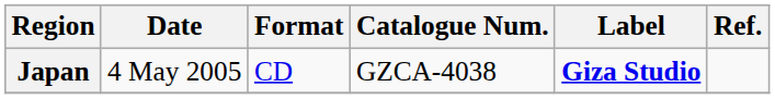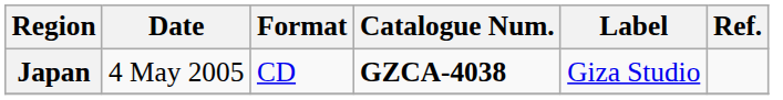 <table class="wikitable sortable plainrowheaders">
 <tr>
 <th scope="col">Region</th>
 <th scope="col">Date</th>
 <th scope="col">Format</th>
 <th scope="col">Catalogue Num.</th>
 <th scope="col">Label</th>
 <th scope="col">Ref.</th>
 </tr>
 <tr>
 <th scope="row">Japan</th>
 <td>4 May 2005</td>
 <td><a href='#'>CD</a></td>
-<td>GZCA-4038</td>
-<td><strong><a href='#'>Giza Studio</a></strong></td>
+<td><strong>GZCA-4038</strong></td>
+<td><a href='#'>Giza Studio</a></td>
 <td></td>
 </tr>
 <tr>
 </tr>
 </table>
